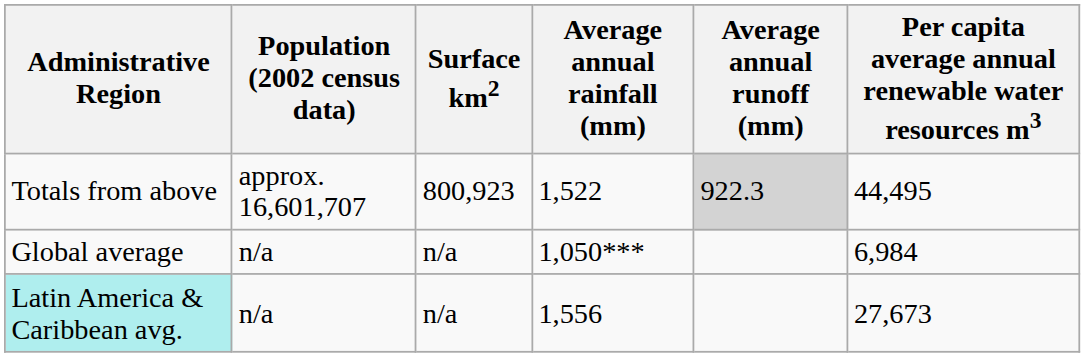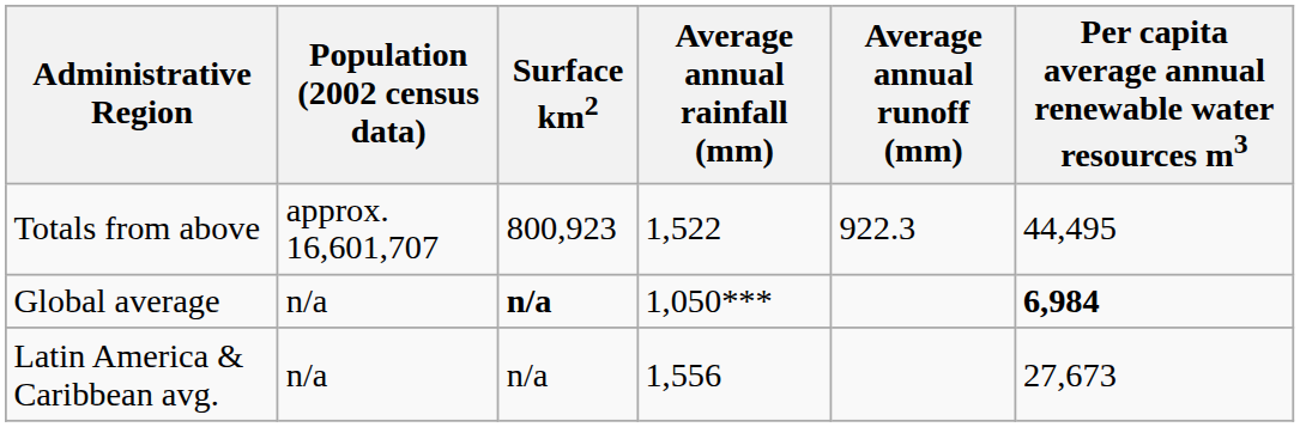 <table class="wikitable">
 <tr>
 <th>Administrative Region</th>
 <th>Population (2002 census data)</th>
 <th>Surface km<sup>2</sup></th>
 <th>Average annual rainfall (mm)</th>
 <th>Average annual runoff  (mm)</th>
 <th>Per capita average annual renewable water resources m<sup>3</sup></th>
 </tr>
 <tr>
 <td>Totals from above</td>
 <td>approx. 16,601,707</td>
 <td>800,923</td>
 <td>1,522</td>
-<td style="background: lightgrey;">922.3</td>
+<td>922.3</td>
 <td>44,495</td>
 </tr>
 <tr>
 <td>Global average</td>
 <td>n/a</td>
-<td>n/a</td>
+<td><strong>n/a</strong></td>
 <td>1,050***</td>
 <td></td>
-<td>6,984</td>
+<td><strong>6,984</strong></td>
 </tr>
 <tr>
-<td style="background: paleturquoise;">Latin America & Caribbean avg.</td>
+<td>Latin America & Caribbean avg.</td>
 <td>n/a</td>
 <td>n/a</td>
 <td>1,556</td>
 <td></td>
 <td>27,673</td>
 </tr>
 </table>
